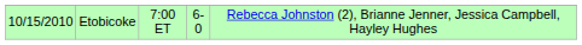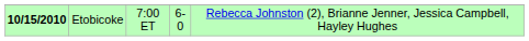 <table class="wikitable" style="width:80%;">
 <tr>
 </tr>
 <tr style="text-align:center; background:#bfb;">
-<td>10/15/2010</td>
+<td><strong>10/15/2010</strong></td>
 <td>Etobicoke</td>
 <td>7:00 ET</td>
 <td>6-0</td>
 <td><a href='#'>Rebecca Johnston</a> (2), Brianne Jenner, Jessica Campbell, Hayley Hughes</td>
 </tr>
 </table>
